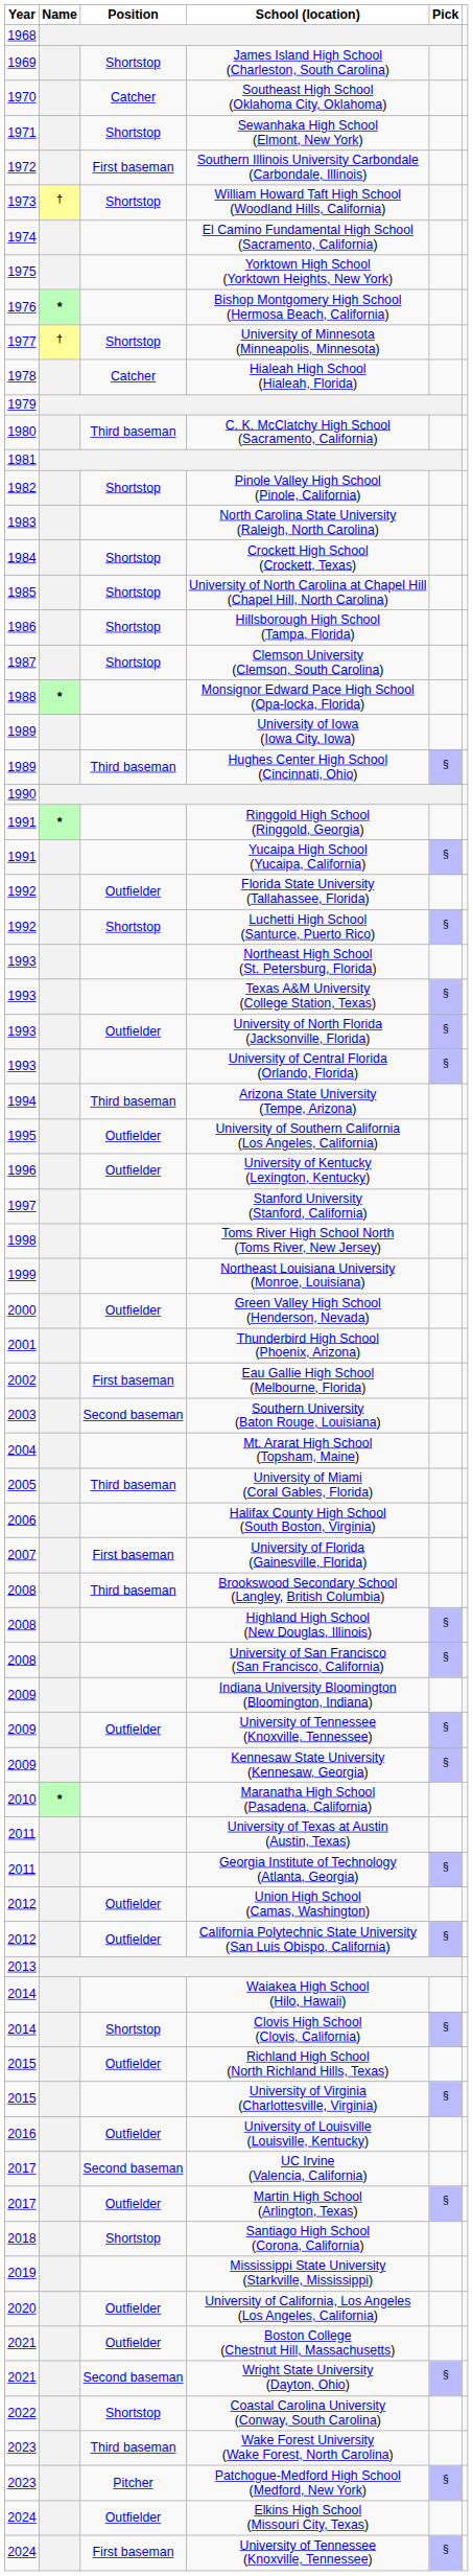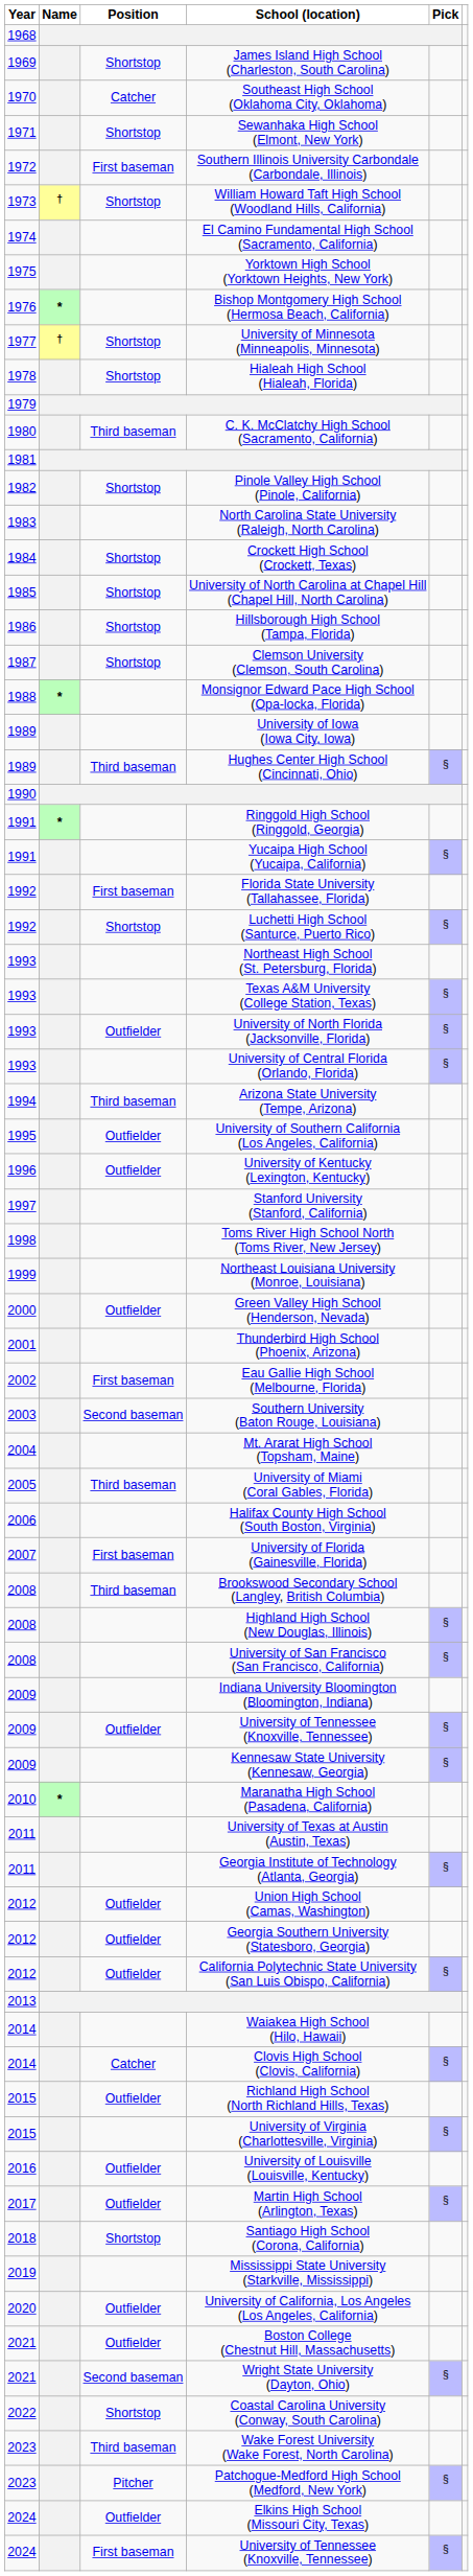 <table class="wikitable sortable plainrowheaders" style="text-align:center;">
 <tr>
 <th scope="col" style="background-color:#ffffff; border-top:#">Year</th>
 <th scope="col" style="background-color:#ffffff; border-top:#">Name</th>
 <th scope="col" style="background-color:#ffffff; border-top:#">Position</th>
 <th scope="col" class="unsortable" style="background-color:#ffffff; border-top:#">School (location)</th>
 <th scope="col" style="background-color:#ffffff; border-top:#">Pick</th>
 <th scope="col" class="unsortable" style="background-color:#ffffff; border-top:#"></th>
 </tr>
 <tr>
 <td><a href='#'>1968</a></td>
 <th scope="row" style="text-align:center" colspan="4"></th>
 <td></td>
 </tr>
 <tr>
 <td><a href='#'>1969</a></td>
 <th scope="row" style="text-align:center"></th>
 <td><a href='#'>Shortstop</a></td>
 <td><a href='#'>James Island High School</a><br>(<a href='#'>Charleston, South Carolina</a>)</td>
 <td></td>
 <td></td>
 </tr>
 <tr>
 <td><a href='#'>1970</a></td>
 <th scope="row" style="text-align:center"></th>
 <td><a href='#'>Catcher</a></td>
 <td><a href='#'>Southeast High School</a><br>(<a href='#'>Oklahoma City, Oklahoma</a>)</td>
 <td></td>
 <td></td>
 </tr>
 <tr>
 <td><a href='#'>1971</a></td>
 <th scope="row" style="text-align:center"></th>
 <td><a href='#'>Shortstop</a></td>
 <td><a href='#'>Sewanhaka High School</a> <br>(<a href='#'>Elmont, New York</a>)</td>
 <td></td>
 <td></td>
 </tr>
 <tr>
 <td><a href='#'>1972</a></td>
 <th scope="row" style="text-align:center"></th>
 <td><a href='#'>First baseman</a></td>
 <td><a href='#'>Southern Illinois University Carbondale</a><br>(<a href='#'>Carbondale, Illinois</a>)</td>
 <td></td>
 <td></td>
 </tr>
 <tr>
 <td><a href='#'>1973</a></td>
 <th scope="row" style="text-align:center; background:#ff9"><sup>†</sup></th>
 <td><a href='#'>Shortstop</a></td>
 <td><a href='#'>William Howard Taft High School</a><br>(<a href='#'>Woodland Hills, California</a>)</td>
 <td></td>
 <td></td>
 </tr>
 <tr>
 <td><a href='#'>1974</a></td>
 <th scope="row" style="text-align:center"></th>
 <td></td>
 <td><a href='#'>El Camino Fundamental High School</a><br>(<a href='#'>Sacramento, California</a>)</td>
 <td></td>
 <td></td>
 </tr>
 <tr>
 <td><a href='#'>1975</a></td>
 <th scope="row" style="text-align:center"></th>
 <td></td>
 <td><a href='#'>Yorktown High School</a><br>(<a href='#'>Yorktown Heights, New York</a>)</td>
 <td></td>
 <td></td>
 </tr>
 <tr>
 <td><a href='#'>1976</a></td>
 <th scope="row" style="text-align:center; background:#bbffbb">*</th>
 <td></td>
 <td><a href='#'>Bishop Montgomery High School</a><br>(<a href='#'>Hermosa Beach, California</a>)</td>
 <td></td>
 <td></td>
 </tr>
 <tr>
 <td><a href='#'>1977</a></td>
 <th scope="row" style="text-align:center; background:#ff9;"><sup>†</sup></th>
 <td><a href='#'>Shortstop</a></td>
 <td><a href='#'>University of Minnesota</a><br>(<a href='#'>Minneapolis, Minnesota</a>)</td>
 <td></td>
 <td></td>
 </tr>
 <tr>
 <td><a href='#'>1978</a></td>
 <th scope="row" style="text-align:center"></th>
-<td><a href='#'>Catcher</a></td>
+<td><a href='#'>Shortstop</a></td>
 <td><a href='#'>Hialeah High School</a><br>(<a href='#'>Hialeah, Florida</a>)</td>
 <td></td>
 <td></td>
 </tr>
 <tr>
 <td><a href='#'>1979</a></td>
 <th scope="row" style="text-align:center" colspan="4"></th>
 <td></td>
 </tr>
 <tr>
 <td><a href='#'>1980</a></td>
 <th scope="row" style="text-align:center"></th>
 <td><a href='#'>Third baseman</a></td>
 <td><a href='#'>C. K. McClatchy High School</a><br>(<a href='#'>Sacramento, California</a>)</td>
 <td></td>
 <td></td>
 </tr>
 <tr>
 <td><a href='#'>1981</a></td>
 <th scope="row" style="text-align:center" colspan="4"></th>
 <td></td>
 </tr>
 <tr>
 <td><a href='#'>1982</a></td>
 <th scope="row" style="text-align:center"></th>
 <td><a href='#'>Shortstop</a></td>
 <td><a href='#'>Pinole Valley High School</a><br>(<a href='#'>Pinole, California</a>)</td>
 <td></td>
 <td></td>
 </tr>
 <tr>
 <td><a href='#'>1983</a></td>
 <th scope="row" style="text-align:center"></th>
 <td></td>
 <td><a href='#'>North Carolina State University</a><br>(<a href='#'>Raleigh, North Carolina</a>)</td>
 <td></td>
 <td></td>
 </tr>
 <tr>
 <td><a href='#'>1984</a></td>
 <th scope="row" style="text-align:center"></th>
 <td><a href='#'>Shortstop</a></td>
 <td><a href='#'>Crockett High School</a><br>(<a href='#'>Crockett, Texas</a>)</td>
 <td></td>
 <td></td>
 </tr>
 <tr>
 <td><a href='#'>1985</a></td>
 <th scope="row" style="text-align:center"></th>
 <td><a href='#'>Shortstop</a></td>
 <td><a href='#'>University of North Carolina at Chapel Hill</a><br>(<a href='#'>Chapel Hill, North Carolina</a>)</td>
 <td></td>
 <td></td>
 </tr>
 <tr>
 <td><a href='#'>1986</a></td>
 <th scope="row" style="text-align:center"></th>
 <td><a href='#'>Shortstop</a></td>
 <td><a href='#'>Hillsborough High School</a><br>(<a href='#'>Tampa, Florida</a>)</td>
 <td></td>
 <td></td>
 </tr>
 <tr>
 <td><a href='#'>1987</a></td>
 <th scope="row" style="text-align:center"></th>
 <td><a href='#'>Shortstop</a></td>
 <td><a href='#'>Clemson University</a><br>(<a href='#'>Clemson, South Carolina</a>)</td>
 <td></td>
 <td></td>
 </tr>
 <tr>
 <td><a href='#'>1988</a></td>
 <th scope="row" style="text-align:center; background:#bbffbb">*</th>
 <td></td>
 <td><a href='#'>Monsignor Edward Pace High School</a><br>(<a href='#'>Opa-locka, Florida</a>)</td>
 <td></td>
 <td></td>
 </tr>
 <tr>
 <td><a href='#'>1989</a></td>
 <th scope="row" style="text-align:center"></th>
 <td></td>
 <td><a href='#'>University of Iowa</a><br>(<a href='#'>Iowa City, Iowa</a>)</td>
 <td></td>
 <td></td>
 </tr>
 <tr>
 <td><a href='#'>1989</a></td>
 <th scope="row" style="text-align:center"></th>
 <td><a href='#'>Third baseman</a></td>
 <td><a href='#'>Hughes Center High School</a><br>(<a href='#'>Cincinnati, Ohio</a>)</td>
 <td bgcolor="#bbbbff"><sup>§</sup></td>
 <td></td>
 </tr>
 <tr>
 <td><a href='#'>1990</a></td>
 <th scope="row" style="text-align:center" colspan="4"></th>
 <td></td>
 </tr>
 <tr>
 <td><a href='#'>1991</a></td>
 <th scope="row" style="text-align:center; background:#bbffbb">*</th>
 <td></td>
 <td><a href='#'>Ringgold High School</a><br>(<a href='#'>Ringgold, Georgia</a>)</td>
 <td></td>
 <td></td>
 </tr>
 <tr>
 <td><a href='#'>1991</a></td>
 <th scope="row" style="text-align:center"></th>
 <td></td>
 <td><a href='#'>Yucaipa High School</a><br>(<a href='#'>Yucaipa, California</a>)</td>
 <td bgcolor="#bbbbff"><sup>§</sup></td>
 <td></td>
 </tr>
 <tr>
 <td><a href='#'>1992</a></td>
 <th scope="row" style="text-align:center"></th>
-<td><a href='#'>Outfielder</a></td>
+<td><a href='#'>First baseman</a></td>
 <td><a href='#'>Florida State University</a><br>(<a href='#'>Tallahassee, Florida</a>)</td>
 <td></td>
 <td></td>
 </tr>
 <tr>
 <td><a href='#'>1992</a></td>
 <th scope="row" style="text-align:center"></th>
 <td><a href='#'>Shortstop</a></td>
 <td><a href='#'>Luchetti High School</a><br>(<a href='#'>Santurce, Puerto Rico</a>)</td>
 <td bgcolor="#bbbbff"><sup>§</sup></td>
 <td></td>
 </tr>
 <tr>
 <td><a href='#'>1993</a></td>
 <th scope="row" style="text-align:center"></th>
 <td></td>
 <td><a href='#'>Northeast High School</a><br>(<a href='#'>St. Petersburg, Florida</a>)</td>
 <td></td>
 <td></td>
 </tr>
 <tr>
 <td><a href='#'>1993</a></td>
 <th scope="row" style="text-align:center"></th>
 <td></td>
 <td><a href='#'>Texas A&M University</a><br>(<a href='#'>College Station, Texas</a>)</td>
 <td bgcolor="#bbbbff"><sup>§</sup></td>
 <td></td>
 </tr>
 <tr>
 <td><a href='#'>1993</a></td>
 <th scope="row" style="text-align:center"></th>
 <td><a href='#'>Outfielder</a></td>
 <td><a href='#'>University of North Florida</a><br>(<a href='#'>Jacksonville, Florida</a>)</td>
 <td bgcolor="#bbbbff"><sup>§</sup></td>
 <td></td>
 </tr>
 <tr>
 <td><a href='#'>1993</a></td>
 <th scope="row" style="text-align:center"></th>
 <td></td>
 <td><a href='#'>University of Central Florida</a><br>(<a href='#'>Orlando, Florida</a>)</td>
 <td bgcolor="#bbbbff"><sup>§</sup></td>
 <td></td>
 </tr>
 <tr>
 <td><a href='#'>1994</a></td>
 <th scope="row" style="text-align:center"></th>
 <td><a href='#'>Third baseman</a></td>
 <td><a href='#'>Arizona State University</a><br>(<a href='#'>Tempe, Arizona</a>)</td>
 <td></td>
 <td></td>
 </tr>
 <tr>
 <td><a href='#'>1995</a></td>
 <th scope="row" style="text-align:center"></th>
 <td><a href='#'>Outfielder</a></td>
 <td><a href='#'>University of Southern California</a><br>(<a href='#'>Los Angeles, California</a>)</td>
 <td></td>
 <td></td>
 </tr>
 <tr>
 <td><a href='#'>1996</a></td>
 <th scope="row" style="text-align:center"></th>
 <td><a href='#'>Outfielder</a></td>
 <td><a href='#'>University of Kentucky</a><br>(<a href='#'>Lexington, Kentucky</a>)</td>
 <td></td>
 <td></td>
 </tr>
 <tr>
 <td><a href='#'>1997</a></td>
 <th scope="row" style="text-align:center"></th>
 <td></td>
 <td><a href='#'>Stanford University</a><br>(<a href='#'>Stanford, California</a>)</td>
 <td></td>
 <td></td>
 </tr>
 <tr>
 <td><a href='#'>1998</a></td>
 <th scope="row" style="text-align:center"></th>
 <td></td>
 <td><a href='#'>Toms River High School North</a><br>(<a href='#'>Toms River, New Jersey</a>)</td>
 <td></td>
 <td></td>
 </tr>
 <tr>
 <td><a href='#'>1999</a></td>
 <th scope="row" style="text-align:center"></th>
 <td></td>
 <td><a href='#'>Northeast Louisiana University</a><br>(<a href='#'>Monroe, Louisiana</a>)</td>
 <td></td>
 <td></td>
 </tr>
 <tr>
 <td><a href='#'>2000</a></td>
 <th scope="row" style="text-align:center"></th>
 <td><a href='#'>Outfielder</a></td>
 <td><a href='#'>Green Valley High School</a><br>(<a href='#'>Henderson, Nevada</a>)</td>
 <td></td>
 <td></td>
 </tr>
 <tr>
 <td><a href='#'>2001</a></td>
 <th scope="row" style="text-align:center"></th>
 <td></td>
 <td><a href='#'>Thunderbird High School</a><br>(<a href='#'>Phoenix, Arizona</a>)</td>
 <td></td>
 <td></td>
 </tr>
 <tr>
 <td><a href='#'>2002</a></td>
 <th scope="row" style="text-align:center"></th>
 <td><a href='#'>First baseman</a></td>
 <td><a href='#'>Eau Gallie High School</a><br>(<a href='#'>Melbourne, Florida</a>)</td>
 <td></td>
 <td></td>
 </tr>
 <tr>
 <td><a href='#'>2003</a></td>
 <th scope="row" style="text-align:center"></th>
 <td><a href='#'>Second baseman</a></td>
 <td><a href='#'>Southern University</a><br>(<a href='#'>Baton Rouge, Louisiana</a>)</td>
 <td></td>
 <td></td>
 </tr>
 <tr>
 <td><a href='#'>2004</a></td>
 <th scope="row" style="text-align:center"></th>
 <td></td>
 <td><a href='#'>Mt. Ararat High School</a><br>(<a href='#'>Topsham, Maine</a>)</td>
 <td></td>
 <td></td>
 </tr>
 <tr>
 <td><a href='#'>2005</a></td>
 <th scope="row" style="text-align:center"></th>
 <td><a href='#'>Third baseman</a></td>
 <td><a href='#'>University of Miami</a><br>(<a href='#'>Coral Gables, Florida</a>)</td>
 <td></td>
 <td></td>
 </tr>
 <tr>
 <td><a href='#'>2006</a></td>
 <th scope="row" style="text-align:center"></th>
 <td></td>
 <td><a href='#'>Halifax County High School</a><br>(<a href='#'>South Boston, Virginia</a>)</td>
 <td></td>
 <td></td>
 </tr>
 <tr>
 <td><a href='#'>2007</a></td>
 <th scope="row" style="text-align:center"></th>
 <td><a href='#'>First baseman</a></td>
 <td><a href='#'>University of Florida</a><br>(<a href='#'>Gainesville, Florida</a>)</td>
 <td></td>
 <td></td>
 </tr>
 <tr>
 <td><a href='#'>2008</a></td>
 <th scope="row" style="text-align:center"></th>
 <td><a href='#'>Third baseman</a></td>
 <td><a href='#'>Brookswood Secondary School</a><br>(<a href='#'>Langley</a>, <a href='#'>British Columbia</a>)</td>
 <td></td>
 <td></td>
 </tr>
 <tr>
 <td><a href='#'>2008</a></td>
 <th scope="row" style="text-align:center"></th>
 <td></td>
 <td><a href='#'>Highland High School</a><br>(<a href='#'>New Douglas, Illinois</a>)</td>
 <td bgcolor="#bbbbff"><sup>§</sup></td>
 <td></td>
 </tr>
 <tr>
 <td><a href='#'>2008</a></td>
 <th scope="row" style="text-align:center"></th>
 <td></td>
 <td><a href='#'>University of San Francisco</a><br>(<a href='#'>San Francisco, California</a>)</td>
 <td bgcolor="#bbbbff"><sup>§</sup></td>
 <td></td>
 </tr>
 <tr>
 <td><a href='#'>2009</a></td>
 <th scope="row" style="text-align:center"></th>
 <td></td>
 <td><a href='#'>Indiana University Bloomington</a><br>(<a href='#'>Bloomington, Indiana</a>)</td>
 <td></td>
 <td></td>
 </tr>
 <tr>
 <td><a href='#'>2009</a></td>
 <th scope="row" style="text-align:center"></th>
 <td><a href='#'>Outfielder</a></td>
 <td><a href='#'>University of Tennessee</a><br>(<a href='#'>Knoxville, Tennessee</a>)</td>
 <td bgcolor="#bbbbff"><sup>§</sup></td>
 <td></td>
 </tr>
 <tr>
 <td><a href='#'>2009</a></td>
 <th scope="row" style="text-align:center"></th>
 <td></td>
 <td><a href='#'>Kennesaw State University</a><br>(<a href='#'>Kennesaw, Georgia</a>)</td>
 <td bgcolor="#bbbbff"><sup>§</sup></td>
 <td></td>
 </tr>
 <tr>
 <td><a href='#'>2010</a></td>
 <th scope="row" style="text-align:center; background:#bbffbb">*</th>
 <td></td>
 <td><a href='#'>Maranatha High School</a><br>(<a href='#'>Pasadena, California</a>)</td>
 <td></td>
 <td></td>
 </tr>
 <tr>
 <td><a href='#'>2011</a></td>
 <th scope="row" style="text-align:center"></th>
 <td></td>
 <td><a href='#'>University of Texas at Austin</a><br>(<a href='#'>Austin, Texas</a>)</td>
 <td></td>
 <td></td>
 </tr>
 <tr>
 <td><a href='#'>2011</a></td>
 <th scope="row" style="text-align:center"></th>
 <td></td>
 <td><a href='#'>Georgia Institute of Technology</a><br>(<a href='#'>Atlanta, Georgia</a>)</td>
 <td bgcolor="#bbbbff"><sup>§</sup></td>
 <td></td>
 </tr>
 <tr>
 <td><a href='#'>2012</a></td>
 <th scope="row" style="text-align:center"></th>
 <td><a href='#'>Outfielder</a></td>
 <td><a href='#'>Union High School</a><br>(<a href='#'>Camas, Washington</a>)</td>
 <td></td>
 <td></td>
 </tr>
 <tr>
 <td><a href='#'>2012</a></td>
 <th scope="row" style="text-align:center"></th>
 <td><a href='#'>Outfielder</a></td>
+<td><a href='#'>Georgia Southern University</a><br>(<a href='#'>Statesboro, Georgia</a>)</td>
+<td></td>
+<td></td>
+</tr>
+<tr>
+<td><a href='#'>2012</a></td>
+<th scope="row" style="text-align:center"></th>
+<td><a href='#'>Outfielder</a></td>
 <td><a href='#'>California Polytechnic State University</a><br>(<a href='#'>San Luis Obispo, California</a>)</td>
 <td bgcolor="#bbbbff"><sup>§</sup></td>
 <td></td>
 </tr>
 <tr>
 <td><a href='#'>2013</a></td>
 <th scope="row" style="text-align:center" colspan="4"></th>
 <td></td>
 </tr>
 <tr>
 <td><a href='#'>2014</a></td>
 <th scope="row" style="text-align:center"></th>
 <td></td>
 <td><a href='#'>Waiakea High School</a><br>(<a href='#'>Hilo, Hawaii</a>)</td>
 <td></td>
 <td></td>
 </tr>
 <tr>
 <td><a href='#'>2014</a></td>
 <th scope="row" style="text-align:center"></th>
-<td><a href='#'>Shortstop</a></td>
+<td><a href='#'>Catcher</a></td>
 <td><a href='#'>Clovis High School</a><br>(<a href='#'>Clovis, California</a>)</td>
 <td bgcolor="#bbbbff"><sup>§</sup></td>
 <td></td>
 </tr>
 <tr>
 <td><a href='#'>2015</a></td>
 <th scope="row" style="text-align:center"></th>
 <td><a href='#'>Outfielder</a></td>
 <td><a href='#'>Richland High School</a><br>(<a href='#'>North Richland Hills, Texas</a>)</td>
 <td></td>
 <td></td>
 </tr>
 <tr>
 <td><a href='#'>2015</a></td>
 <th scope="row" style="text-align:center"></th>
 <td></td>
 <td><a href='#'>University of Virginia</a><br>(<a href='#'>Charlottesville, Virginia</a>)</td>
 <td bgcolor="#bbbbff"><sup>§</sup></td>
 <td></td>
 </tr>
 <tr>
 <td><a href='#'>2016</a></td>
 <th scope="row" style="text-align:center"></th>
 <td><a href='#'>Outfielder</a></td>
 <td><a href='#'>University of Louisville</a><br>(<a href='#'>Louisville, Kentucky</a>)</td>
-<td></td>
-<td></td>
-</tr>
-<tr>
-<td><a href='#'>2017</a></td>
-<th scope="row" style="text-align:center"></th>
-<td><a href='#'>Second baseman</a></td>
-<td><a href='#'>UC Irvine</a><br>(<a href='#'>Valencia, California</a>)</td>
 <td></td>
 <td></td>
 </tr>
 <tr>
 <td><a href='#'>2017</a></td>
 <th scope="row" style="text-align:center"></th>
 <td><a href='#'>Outfielder</a></td>
 <td><a href='#'>Martin High School</a><br>(<a href='#'>Arlington, Texas</a>)</td>
 <td bgcolor="#bbbbff"><sup>§</sup></td>
 <td></td>
 </tr>
 <tr>
 <td><a href='#'>2018</a></td>
 <th scope="row" style="text-align:center"></th>
 <td><a href='#'>Shortstop</a></td>
 <td><a href='#'>Santiago High School</a><br>(<a href='#'>Corona, California</a>)</td>
 <td></td>
 <td></td>
 </tr>
 <tr>
 <td><a href='#'>2019</a></td>
 <th scope="row" style="text-align:center"></th>
 <td></td>
 <td><a href='#'>Mississippi State University</a><br>(<a href='#'>Starkville, Mississippi</a>)</td>
 <td></td>
 <td></td>
 </tr>
 <tr>
 <td><a href='#'>2020</a></td>
 <th scope="row" style="text-align:center"></th>
 <td><a href='#'>Outfielder</a></td>
 <td><a href='#'>University of California, Los Angeles</a><br>(<a href='#'>Los Angeles, California</a>)</td>
 <td></td>
 <td></td>
 </tr>
 <tr>
 <td><a href='#'>2021</a></td>
 <th scope="row" style="text-align:center"></th>
 <td><a href='#'>Outfielder</a></td>
 <td><a href='#'>Boston College</a><br>(<a href='#'>Chestnut Hill, Massachusetts</a>)</td>
 <td></td>
 <td></td>
 </tr>
 <tr>
 <td><a href='#'>2021</a></td>
 <th scope="row" style="text-align:center"></th>
 <td><a href='#'>Second baseman</a></td>
 <td><a href='#'>Wright State University</a><br>(<a href='#'>Dayton, Ohio</a>)</td>
 <td bgcolor="#bbbbff"><sup>§</sup></td>
 <td></td>
 </tr>
 <tr>
 <td><a href='#'>2022</a></td>
 <th scope="row" style="text-align:center"></th>
 <td><a href='#'>Shortstop</a></td>
 <td><a href='#'>Coastal Carolina University</a><br>(<a href='#'>Conway, South Carolina</a>)</td>
 <td></td>
 <td></td>
 </tr>
 <tr>
 <td><a href='#'>2023</a></td>
 <th scope="row" style="text-align:center"></th>
 <td><a href='#'>Third baseman</a></td>
 <td><a href='#'>Wake Forest University</a><br>(<a href='#'>Wake Forest, North Carolina</a>)</td>
 <td></td>
 <td></td>
 </tr>
 <tr>
 <td><a href='#'>2023</a></td>
 <th scope="row" style="text-align:center"></th>
 <td><a href='#'>Pitcher</a></td>
 <td><a href='#'>Patchogue-Medford High School</a><br>(<a href='#'>Medford, New York</a>)</td>
 <td bgcolor="#bbbbff"><sup>§</sup></td>
 <td></td>
 </tr>
 <tr>
 <td><a href='#'>2024</a></td>
 <th scope="row" style="text-align:center"></th>
 <td><a href='#'>Outfielder</a></td>
 <td><a href='#'>Elkins High School</a><br>(<a href='#'>Missouri City, Texas</a>)</td>
 <td></td>
 </tr>
 <tr>
 <td><a href='#'>2024</a></td>
 <th scope="row" style="text-align:center"></th>
 <td><a href='#'>First baseman</a></td>
 <td><a href='#'>University of Tennessee</a><br>(<a href='#'>Knoxville, Tennessee</a>)</td>
 <td bgcolor="#bbbbff"><sup>§</sup></td>
 <td></td>
 </tr>
 </table>
